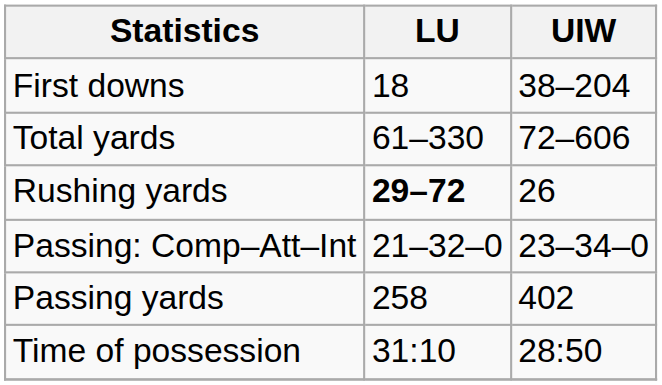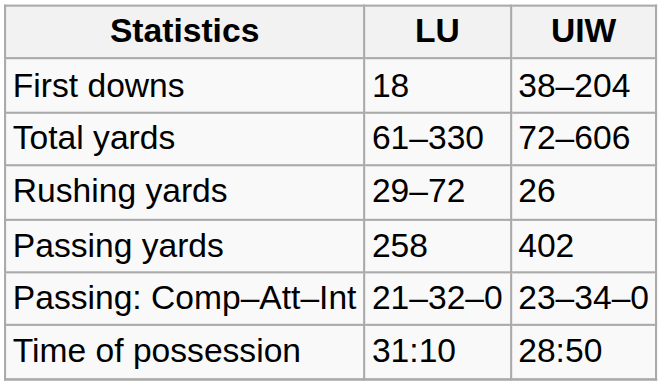 <table class="wikitable" style="float: left;">
 <tr>
 <th>Statistics</th>
 <th>LU</th>
 <th>UIW</th>
 </tr>
 <tr>
 <td>First downs</td>
 <td>18</td>
 <td>38–204</td>
 </tr>
 <tr>
 <td>Total yards</td>
 <td>61–330</td>
 <td>72–606</td>
 </tr>
 <tr>
 <td>Rushing yards</td>
-<td><strong>29–72</strong></td>
+<td>29–72</td>
 <td>26</td>
+</tr>
+<tr>
+<td>Passing yards</td>
+<td>258</td>
+<td>402</td>
 </tr>
 <tr>
 <td>Passing: Comp–Att–Int</td>
 <td>21–32–0</td>
 <td>23–34–0</td>
-</tr>
-<tr>
-<td>Passing yards</td>
-<td>258</td>
-<td>402</td>
 </tr>
 <tr>
 <td>Time of possession</td>
 <td>31:10</td>
 <td>28:50</td>
 </tr>
 <tr>
 </tr>
 </table>
